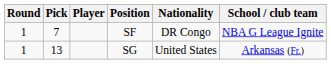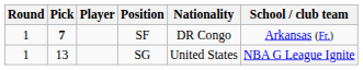 <table class="wikitable sortable sortable">
 <tr>
 <th>Round</th>
 <th>Pick</th>
 <th>Player</th>
 <th>Position</th>
 <th>Nationality</th>
 <th>School / club team</th>
 </tr>
 <tr style="text-align: center">
 <td>1</td>
-<td>7</td>
+<td><strong>7</strong></td>
 <td></td>
 <td>SF</td>
 <td> DR Congo</td>
-<td><a href='#'>NBA G League Ignite</a></td>
+<td><a href='#'>Arkansas</a> <small>(<a href='#'>Fr.</a>)</small></td>
 </tr>
 <tr style="text-align: center">
 <td>1</td>
 <td>13</td>
 <td></td>
 <td>SG</td>
 <td> United States</td>
-<td><a href='#'>Arkansas</a> <small>(<a href='#'>Fr.</a>)</small></td>
+<td><a href='#'>NBA G League Ignite</a></td>
 </tr>
 </table>
